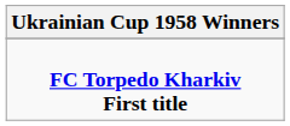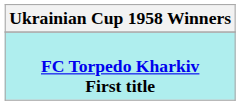 <table class="wikitable" style="text-align: center; margin: 0 auto;">
 <tr>
 <th>Ukrainian Cup 1958 Winners</th>
 </tr>
 <tr>
 </tr>
 <tr>
-<td><br><strong><a href='#'>FC Torpedo Kharkiv</a></strong><br><strong>First title</strong></td>
+<td style="background: paleturquoise;"><br><strong><a href='#'>FC Torpedo Kharkiv</a></strong><br><strong>First title</strong></td>
 </tr>
 </table>
